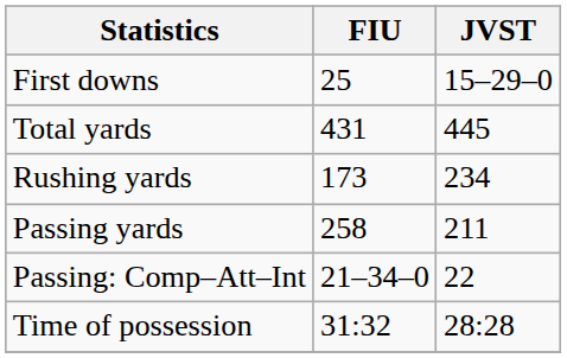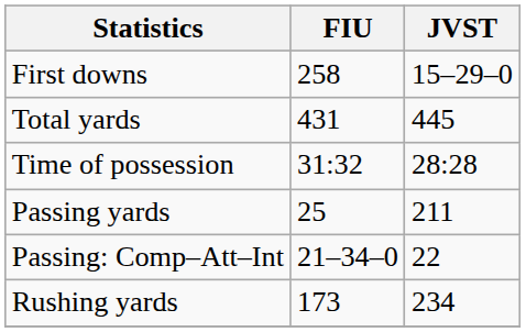 <table class="wikitable" style="float: left;">
 <tr>
 <th>Statistics</th>
 <th>FIU</th>
 <th>JVST</th>
 </tr>
 <tr>
 <td>First downs</td>
-<td>25</td>
+<td>258</td>
 <td>15–29–0</td>
 </tr>
 <tr>
 <td>Total yards</td>
 <td>431</td>
 <td>445</td>
 </tr>
 <tr>
-<td>Rushing yards</td>
-<td>173</td>
-<td>234</td>
+<td>Time of possession</td>
+<td>31:32</td>
+<td>28:28</td>
 </tr>
 <tr>
 <td>Passing yards</td>
-<td>258</td>
+<td>25</td>
 <td>211</td>
 </tr>
 <tr>
 <td>Passing: Comp–Att–Int</td>
 <td>21–34–0</td>
 <td>22</td>
 </tr>
 <tr>
-<td>Time of possession</td>
-<td>31:32</td>
-<td>28:28</td>
+<td>Rushing yards</td>
+<td>173</td>
+<td>234</td>
 </tr>
 <tr>
 </tr>
 </table>
